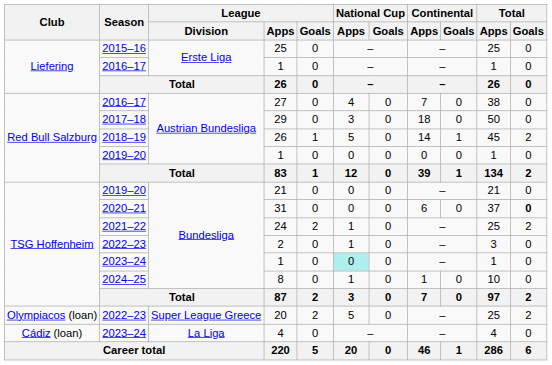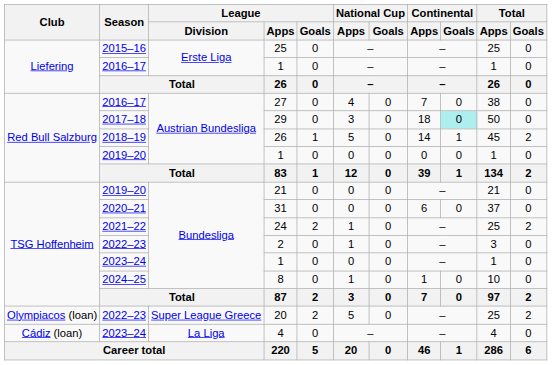 <table class="wikitable" style="text-align: center">
 <tr>
 <th rowspan="2">Club</th>
 <th rowspan="2">Season</th>
 <th colspan="3">League</th>
 <th colspan="2">National Cup</th>
 <th colspan="2">Continental</th>
 <th colspan="2">Total</th>
 </tr>
 <tr>
 <th>Division</th>
 <th>Apps</th>
 <th>Goals</th>
 <th>Apps</th>
 <th>Goals</th>
 <th>Apps</th>
 <th>Goals</th>
 <th>Apps</th>
 <th>Goals</th>
 </tr>
 <tr>
 <td rowspan="3"><a href='#'>Liefering</a></td>
 <td><a href='#'>2015–16</a></td>
 <td rowspan="2"><a href='#'>Erste Liga</a></td>
 <td>25</td>
 <td>0</td>
 <td colspan="2">–</td>
 <td colspan="2">–</td>
 <td>25</td>
 <td>0</td>
 </tr>
 <tr>
 <td><a href='#'>2016–17</a></td>
 <td>1</td>
 <td>0</td>
 <td colspan="2">–</td>
 <td colspan="2">–</td>
 <td>1</td>
 <td>0</td>
 </tr>
 <tr>
 <th colspan="2">Total</th>
 <th>26</th>
 <th>0</th>
 <th colspan="2">–</th>
 <th colspan="2">–</th>
 <th>26</th>
 <th>0</th>
 </tr>
 <tr>
 <td rowspan="5"><a href='#'>Red Bull Salzburg</a></td>
 <td><a href='#'>2016–17</a></td>
 <td rowspan="4"><a href='#'>Austrian Bundesliga</a></td>
 <td>27</td>
 <td>0</td>
 <td>4</td>
 <td>0</td>
 <td>7</td>
 <td>0</td>
 <td>38</td>
 <td>0</td>
 </tr>
 <tr>
 <td><a href='#'>2017–18</a></td>
 <td>29</td>
 <td>0</td>
 <td>3</td>
 <td>0</td>
 <td>18</td>
-<td>0</td>
+<td style="background: paleturquoise;">0</td>
 <td>50</td>
 <td>0</td>
 </tr>
 <tr>
 <td><a href='#'>2018–19</a></td>
 <td>26</td>
 <td>1</td>
 <td>5</td>
 <td>0</td>
 <td>14</td>
 <td>1</td>
 <td>45</td>
 <td>2</td>
 </tr>
 <tr>
 <td><a href='#'>2019–20</a></td>
 <td>1</td>
 <td>0</td>
 <td>0</td>
 <td>0</td>
 <td>0</td>
 <td>0</td>
 <td>1</td>
 <td>0</td>
 </tr>
 <tr>
 <th colspan="2">Total</th>
 <th>83</th>
 <th>1</th>
 <th>12</th>
 <th>0</th>
 <th>39</th>
 <th>1</th>
 <th>134</th>
 <th>2</th>
 </tr>
 <tr>
 <td rowspan="7"><a href='#'>TSG Hoffenheim</a></td>
 <td><a href='#'>2019–20</a></td>
 <td rowspan="6"><a href='#'>Bundesliga</a></td>
 <td>21</td>
 <td>0</td>
 <td>0</td>
 <td>0</td>
 <td colspan="2">–</td>
 <td>21</td>
 <td>0</td>
 </tr>
 <tr>
 <td><a href='#'>2020–21</a></td>
 <td>31</td>
 <td>0</td>
 <td>0</td>
 <td>0</td>
 <td>6</td>
 <td>0</td>
 <td>37</td>
-<td><strong>0</strong></td>
+<td>0</td>
 </tr>
 <tr>
 <td><a href='#'>2021–22</a></td>
 <td>24</td>
 <td>2</td>
 <td>1</td>
 <td>0</td>
 <td colspan="2">–</td>
 <td>25</td>
 <td>2</td>
 </tr>
 <tr>
 <td><a href='#'>2022–23</a></td>
 <td>2</td>
 <td>0</td>
 <td>1</td>
 <td>0</td>
 <td colspan="2">–</td>
 <td>3</td>
 <td>0</td>
 </tr>
 <tr>
 <td><a href='#'>2023–24</a></td>
 <td>1</td>
 <td>0</td>
-<td style="background: paleturquoise;">0</td>
+<td>0</td>
 <td>0</td>
 <td colspan="2">–</td>
 <td>1</td>
 <td>0</td>
 </tr>
 <tr>
 <td><a href='#'>2024–25</a></td>
 <td>8</td>
 <td>0</td>
 <td>1</td>
 <td>0</td>
 <td>1</td>
 <td>0</td>
 <td>10</td>
 <td>0</td>
 </tr>
 <tr>
 <th colspan="2">Total</th>
 <th>87</th>
 <th>2</th>
 <th>3</th>
 <th>0</th>
 <th>7</th>
 <th>0</th>
 <th>97</th>
 <th>2</th>
 </tr>
 <tr>
 <td><a href='#'>Olympiacos</a> (loan)</td>
 <td><a href='#'>2022–23</a></td>
 <td><a href='#'>Super League Greece</a></td>
 <td>20</td>
 <td>2</td>
 <td>5</td>
 <td>0</td>
 <td colspan="2">–</td>
 <td>25</td>
 <td>2</td>
 </tr>
 <tr>
 <td><a href='#'>Cádiz</a> (loan)</td>
 <td><a href='#'>2023–24</a></td>
 <td><a href='#'>La Liga</a></td>
 <td>4</td>
 <td>0</td>
 <td colspan="2">–</td>
 <td colspan="2">–</td>
 <td>4</td>
 <td>0</td>
 </tr>
 <tr>
 <th colspan="3">Career total</th>
 <th>220</th>
 <th>5</th>
 <th>20</th>
 <th>0</th>
 <th>46</th>
 <th>1</th>
 <th>286</th>
 <th>6</th>
 </tr>
 </table>
